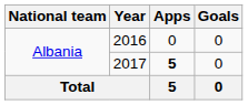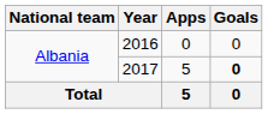 <table class="wikitable" style="text-align:center">
 <tr>
 <th>National team</th>
 <th>Year</th>
 <th>Apps</th>
 <th>Goals</th>
 </tr>
 <tr>
 <td rowspan="2"><a href='#'>Albania</a></td>
 <td>2016</td>
 <td>0</td>
 <td>0</td>
 </tr>
 <tr>
 <td>2017</td>
-<td><strong>5</strong></td>
-<td>0</td>
+<td>5</td>
+<td><strong>0</strong></td>
 </tr>
 <tr>
 <th colspan="2">Total</th>
 <th>5</th>
 <th>0</th>
 </tr>
 </table>
